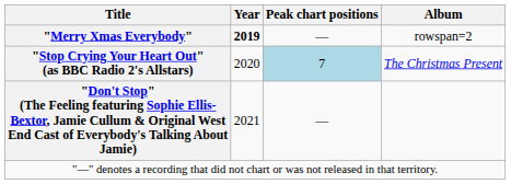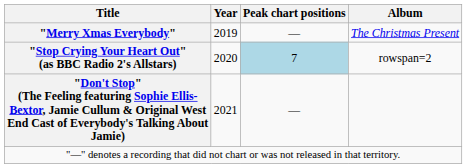 <table class="wikitable plainrowheaders" style="text-align:center;" border="1">
 <tr>
 <th scope="col" rowspan="1" style="width:17em;">Title</th>
 <th scope="col" rowspan="1" style="width:1em;">Year</th>
 <th scope="col" rowspan="1">Peak chart positions</th>
 <th scope="col" rowspan="1">Album</th>
 </tr>
 <tr>
 <th scope="row">"<a href='#'>Merry Xmas Everybody</a>"<br> </th>
-<td><strong>2019</strong></td>
+<td>2019</td>
 <td>—</td>
-<td>rowspan=2 </td>
+<td><em><a href='#'>The Christmas Present</a></em></td>
 </tr>
 <tr>
 <th scope="row">"<a href='#'>Stop Crying Your Heart Out</a>"<br><span>(as BBC Radio 2's Allstars)</span></th>
 <td>2020</td>
 <td style="background: lightblue;">7</td>
-<td><em><a href='#'>The Christmas Present</a></em></td>
+<td>rowspan=2 </td>
 </tr>
 <tr>
 <th scope="row">"<a href='#'>Don't Stop</a>"<br><span>(The Feeling featuring <a href='#'>Sophie Ellis-Bextor</a>, Jamie Cullum & Original West End Cast of Everybody's Talking About Jamie)</span></th>
 <td>2021</td>
 <td>—</td>
 </tr>
 <tr>
 <td colspan="9" style="font-size:90%">"—" denotes a recording that did not chart or was not released in that territory.</td>
 </tr>
 </table>
